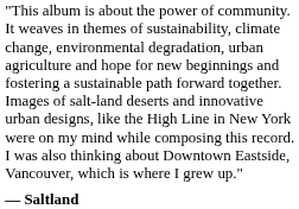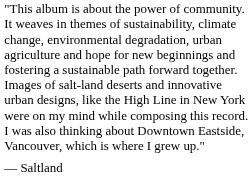 <table class="toccolours" style="float: right; margin-left: 1em; margin-right: 2em; font-size: 85%; background:offwhite; color:black; width:20em; max-width: 40%;" cellspacing="5">
 <tr>
 <td style="text-align: left;">"This album is about the power of community. It weaves in themes of sustainability, climate change, environmental degradation, urban agriculture and hope for new beginnings and fostering a sustainable path forward together. Images of salt-land deserts and innovative urban designs, like the High Line in New York were on my mind while composing this record. I was also thinking about Downtown Eastside, Vancouver, which is where I grew up."</td>
 </tr>
 <tr>
-<td style="text-align: left;"><strong>— Saltland</strong></td>
+<td style="text-align: left;">— Saltland</td>
 </tr>
 </table>
